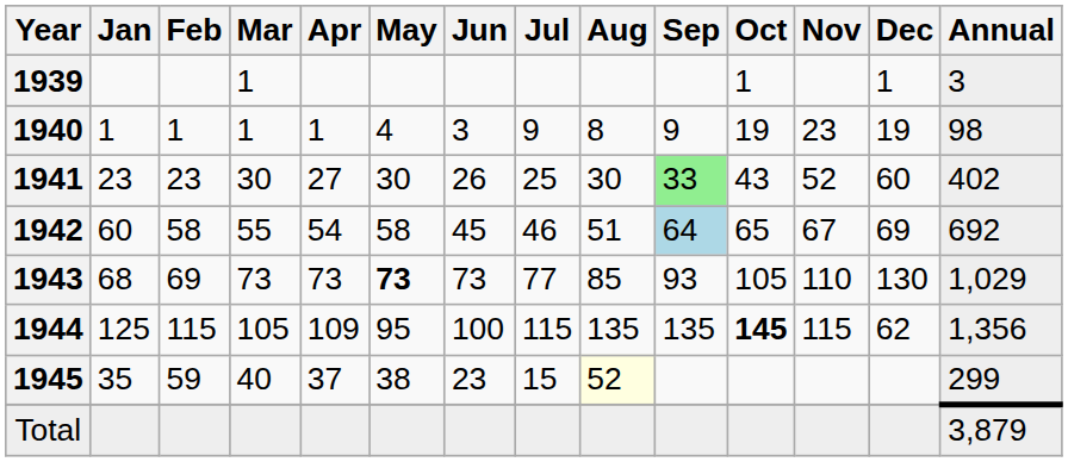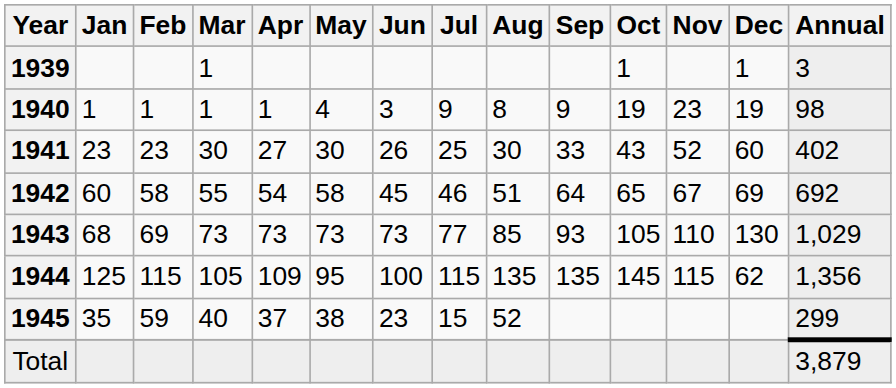 <table class="wikitable">
 <tr>
 <th>Year</th>
 <th>Jan</th>
 <th>Feb</th>
 <th>Mar</th>
 <th>Apr</th>
 <th>May</th>
 <th>Jun</th>
 <th>Jul</th>
 <th>Aug</th>
 <th>Sep</th>
 <th>Oct</th>
 <th>Nov</th>
 <th>Dec</th>
 <th>Annual</th>
 </tr>
 <tr>
 <th style="text-align:center">1939</th>
 <td></td>
 <td></td>
 <td>1</td>
 <td></td>
 <td></td>
 <td></td>
 <td></td>
 <td></td>
 <td></td>
 <td>1</td>
 <td></td>
 <td>1</td>
 <td style="background: #eee;">3</td>
 </tr>
 <tr>
 <th style="text-align:center">1940</th>
 <td>1</td>
 <td>1</td>
 <td>1</td>
 <td>1</td>
 <td>4</td>
 <td>3</td>
 <td>9</td>
 <td>8</td>
 <td>9</td>
 <td>19</td>
 <td>23</td>
 <td>19</td>
 <td style="background: #eee;">98</td>
 </tr>
 <tr>
 <th style="text-align:center">1941</th>
 <td>23</td>
 <td>23</td>
 <td>30</td>
 <td>27</td>
 <td>30</td>
 <td>26</td>
 <td>25</td>
 <td>30</td>
-<td style="background: lightgreen;">33</td>
+<td>33</td>
 <td>43</td>
 <td>52</td>
 <td>60</td>
 <td style="background: #eee;">402</td>
 </tr>
 <tr>
 <th style="text-align:center">1942</th>
 <td>60</td>
 <td>58</td>
 <td>55</td>
 <td>54</td>
 <td>58</td>
 <td>45</td>
 <td>46</td>
 <td>51</td>
-<td style="background: lightblue;">64</td>
+<td>64</td>
 <td>65</td>
 <td>67</td>
 <td>69</td>
 <td style="background: #eee;">692</td>
 </tr>
 <tr>
 <th style="text-align:center">1943</th>
 <td>68</td>
 <td>69</td>
 <td>73</td>
 <td>73</td>
-<td><strong>73</strong></td>
+<td>73</td>
 <td>73</td>
 <td>77</td>
 <td>85</td>
 <td>93</td>
 <td>105</td>
 <td>110</td>
 <td>130</td>
 <td style="background: #eee;">1,029</td>
 </tr>
 <tr>
 <th style="text-align:center">1944</th>
 <td>125</td>
 <td>115</td>
 <td>105</td>
 <td>109</td>
 <td>95</td>
 <td>100</td>
 <td>115</td>
 <td>135</td>
 <td>135</td>
-<td><strong>145</strong></td>
+<td>145</td>
 <td>115</td>
 <td>62</td>
 <td style="background: #eee;">1,356</td>
 </tr>
 <tr>
 <th style="text-align:center">1945</th>
 <td>35</td>
 <td>59</td>
 <td>40</td>
 <td>37</td>
 <td>38</td>
 <td>23</td>
 <td>15</td>
-<td style="background: lightyellow;">52</td>
+<td>52</td>
 <td></td>
 <td></td>
 <td></td>
 <td></td>
 <td style="background: #eee;">299</td>
 </tr>
 <tr>
 </tr>
 <tr style="background: #eee;">
 <td style="text-align:center">Total</td>
 <td></td>
 <td></td>
 <td></td>
 <td></td>
 <td></td>
 <td></td>
 <td></td>
 <td></td>
 <td></td>
 <td></td>
 <td></td>
 <td></td>
 <td style="border-top: black solid">3,879</td>
 </tr>
 </table>
